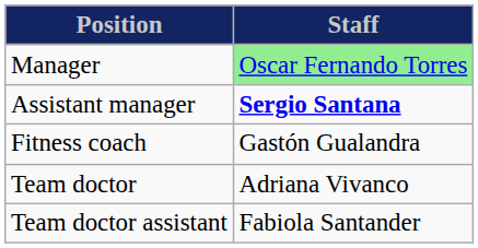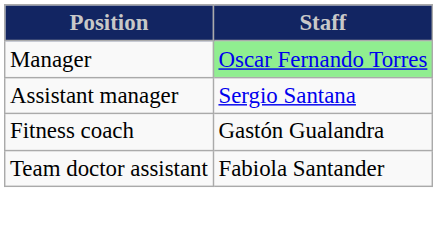 <table class="wikitable">
 <tr>
 <th style=background-color:#122562;color:#c8c8c8>Position</th>
 <th style=background-color:#122562;color:#c8c8c8>Staff</th>
 </tr>
 <tr>
 <td>Manager</td>
 <td style="background: lightgreen;"> <a href='#'>Oscar Fernando Torres</a></td>
 </tr>
 <tr>
 <td>Assistant manager</td>
-<td><strong> <a href='#'>Sergio Santana</a></strong></td>
+<td> <a href='#'>Sergio Santana</a></td>
 </tr>
 <tr>
 <td>Fitness coach</td>
 <td> Gastón Gualandra</td>
 </tr>
 <tr>
-<td>Team doctor</td>
-<td> Adriana Vivanco</td>
-</tr>
-<tr>
 <td>Team doctor assistant</td>
 <td> Fabiola Santander</td>
 </tr>
 </table>
